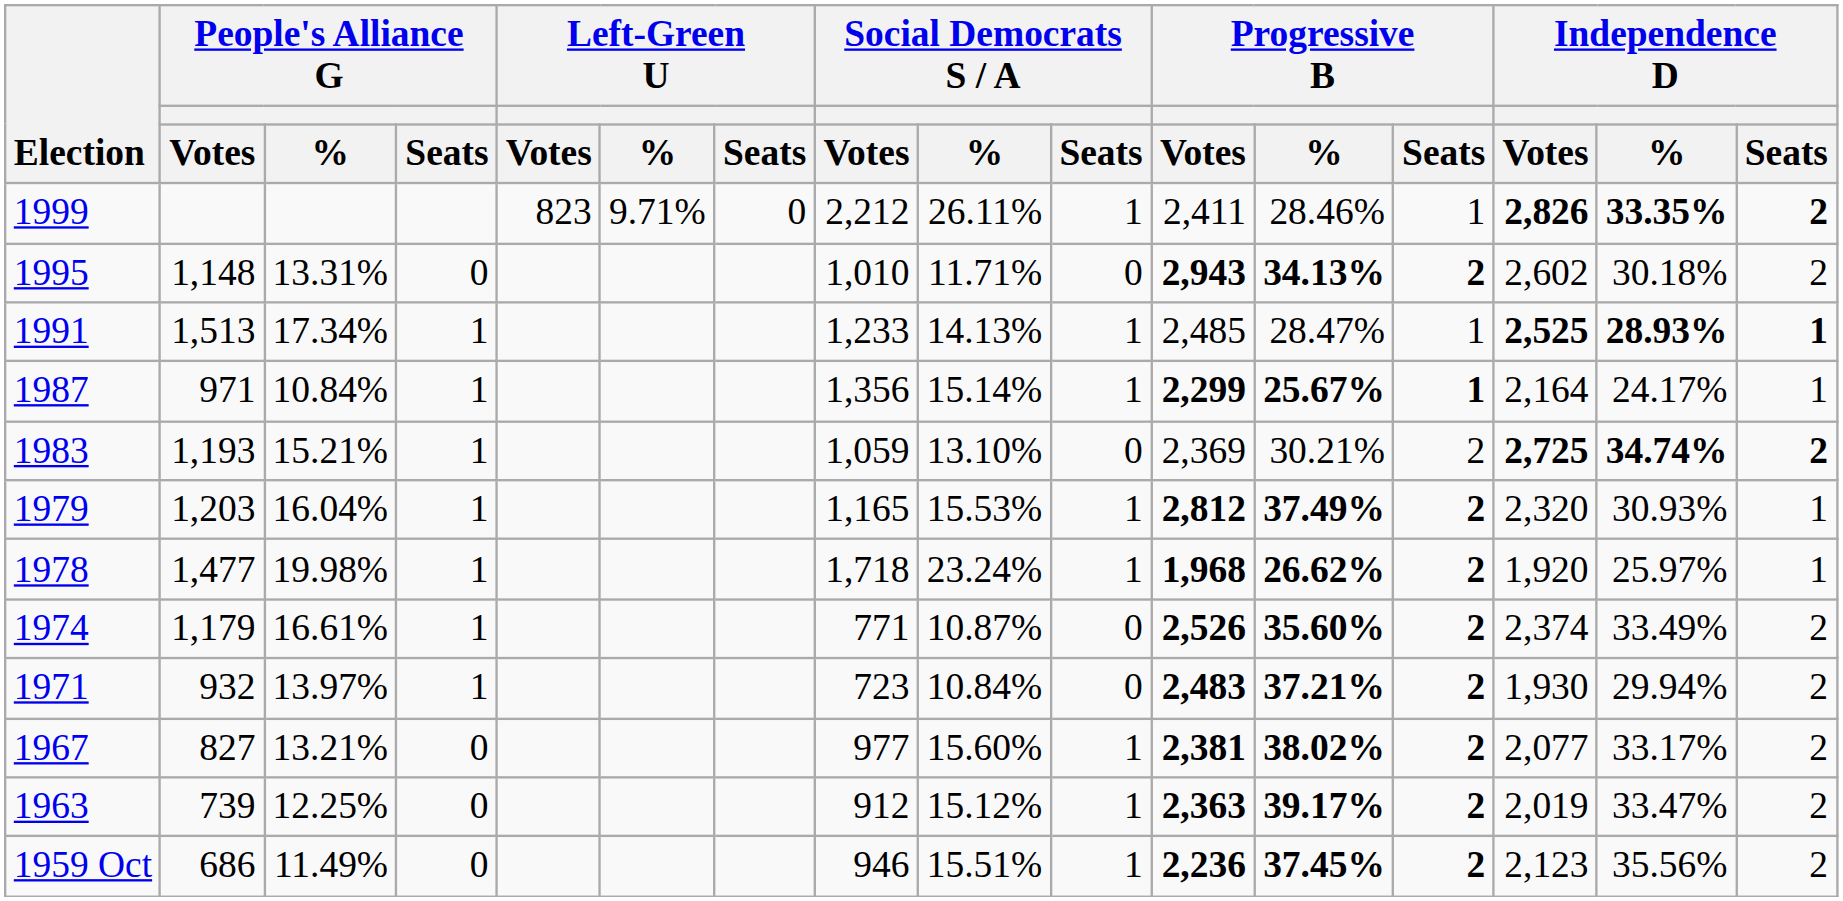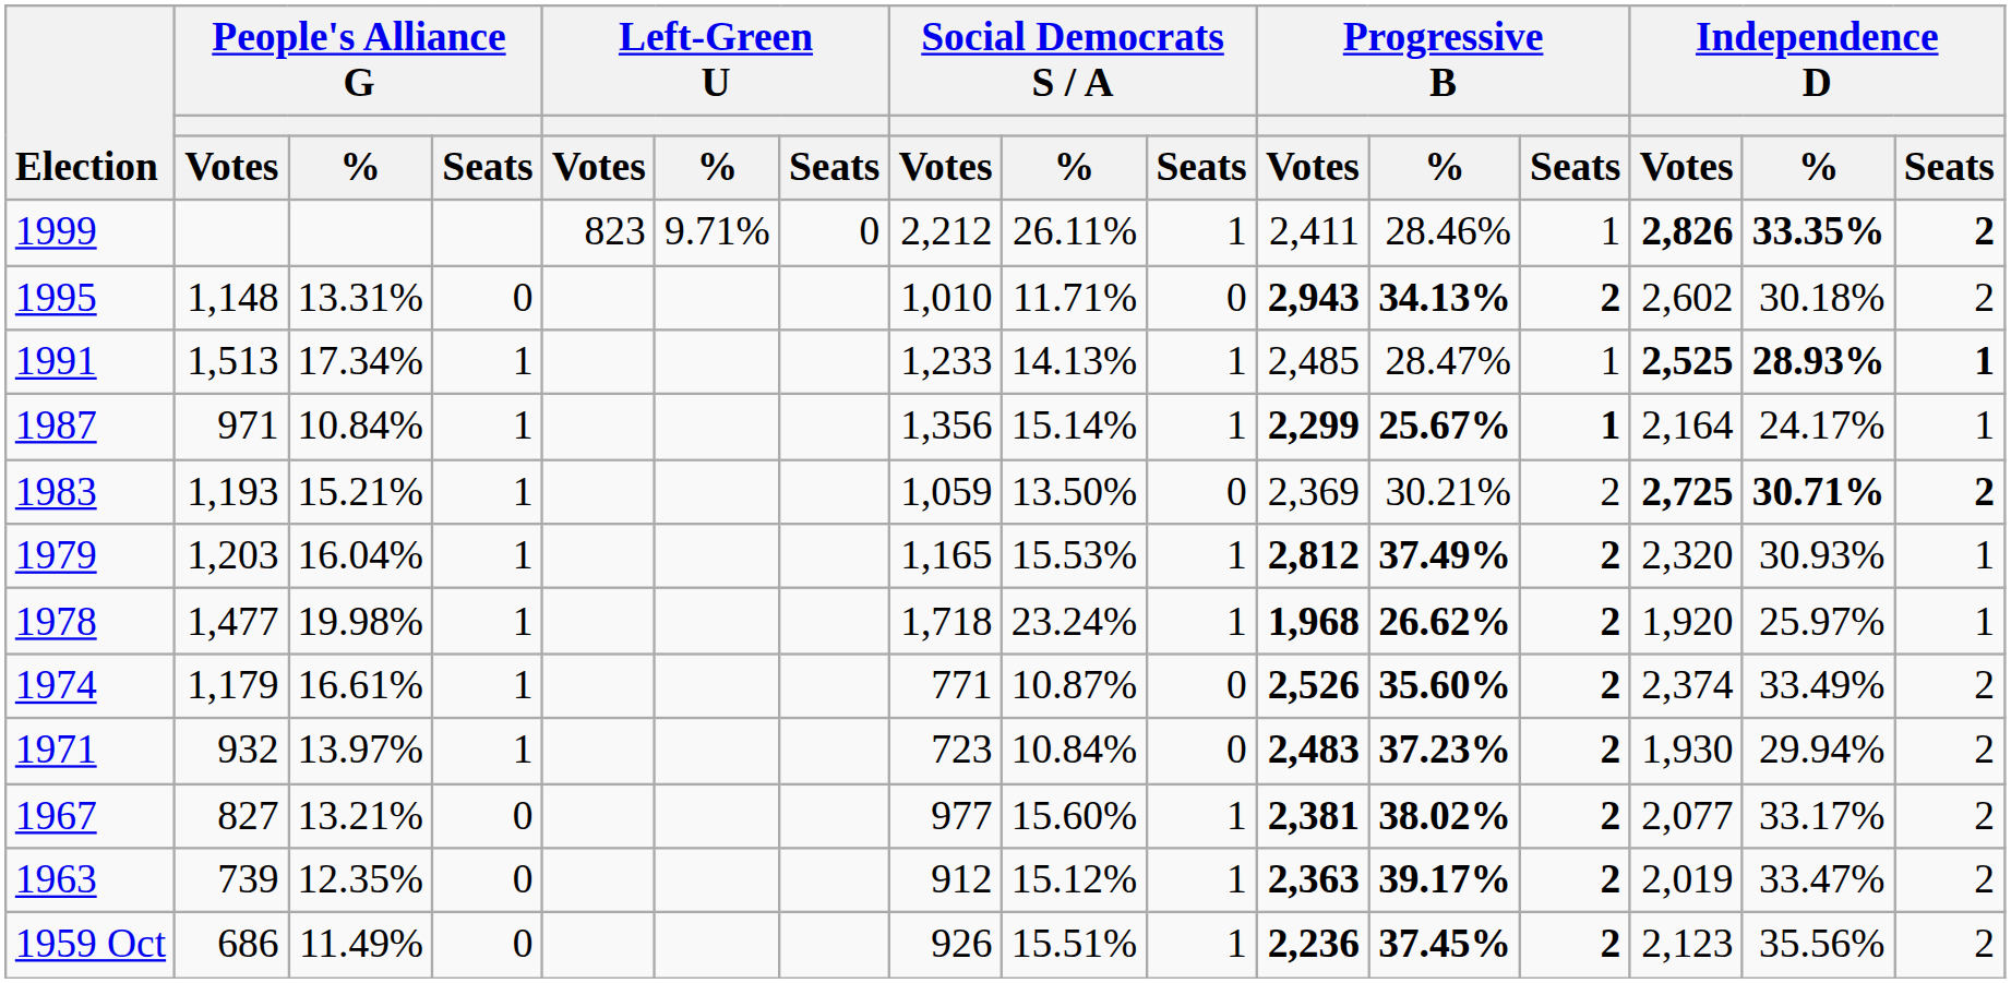 <table class="wikitable" border="1" style="font-size:100%; text-align:right;">
 <tr>
 <th style="text-align:left;" valign=bottom rowspan=3>Election</th>
 <th valign=bottom colspan=3><a href='#'>People's Alliance</a><br>G</th>
 <th valign=bottom colspan=3><a href='#'>Left-Green</a><br>U</th>
 <th valign=bottom colspan=3><a href='#'>Social Democrats</a><br>S / A</th>
 <th valign=bottom colspan=3><a href='#'>Progressive</a><br>B</th>
 <th valign=bottom colspan=3><a href='#'>Independence</a><br>D</th>
 </tr>
 <tr>
 <th colspan=3 style="background:"></th>
 <th colspan=3 style="background:"></th>
 <th colspan=3 style="background:"></th>
 <th colspan=3 style="background:"></th>
 <th colspan=3 style="background:"></th>
 </tr>
 <tr>
 <th>Votes</th>
 <th>%</th>
 <th>Seats</th>
 <th>Votes</th>
 <th>%</th>
 <th>Seats</th>
 <th>Votes</th>
 <th>%</th>
 <th>Seats</th>
 <th>Votes</th>
 <th>%</th>
 <th>Seats</th>
 <th>Votes</th>
 <th>%</th>
 <th>Seats</th>
 </tr>
 <tr>
 <td align=left><a href='#'>1999</a></td>
 <td></td>
 <td></td>
 <td></td>
 <td>823</td>
 <td>9.71%</td>
 <td>0</td>
 <td>2,212</td>
 <td>26.11%</td>
 <td>1</td>
 <td>2,411</td>
 <td>28.46%</td>
 <td>1</td>
 <td><strong>2,826</strong></td>
 <td><strong>33.35%</strong></td>
 <td><strong>2</strong></td>
 </tr>
 <tr>
 <td align=left><a href='#'>1995</a></td>
 <td>1,148</td>
 <td>13.31%</td>
 <td>0</td>
 <td></td>
 <td></td>
 <td></td>
 <td>1,010</td>
 <td>11.71%</td>
 <td>0</td>
 <td><strong>2,943</strong></td>
 <td><strong>34.13%</strong></td>
 <td><strong>2</strong></td>
 <td>2,602</td>
 <td>30.18%</td>
 <td>2</td>
 </tr>
 <tr>
 <td align=left><a href='#'>1991</a></td>
 <td>1,513</td>
 <td>17.34%</td>
 <td>1</td>
 <td></td>
 <td></td>
 <td></td>
 <td>1,233</td>
 <td>14.13%</td>
 <td>1</td>
 <td>2,485</td>
 <td>28.47%</td>
 <td>1</td>
 <td><strong>2,525</strong></td>
 <td><strong>28.93%</strong></td>
 <td><strong>1</strong></td>
 </tr>
 <tr>
 <td align=left><a href='#'>1987</a></td>
 <td>971</td>
 <td>10.84%</td>
 <td>1</td>
 <td></td>
 <td></td>
 <td></td>
 <td>1,356</td>
 <td>15.14%</td>
 <td>1</td>
 <td><strong>2,299</strong></td>
 <td><strong>25.67%</strong></td>
 <td><strong>1</strong></td>
 <td>2,164</td>
 <td>24.17%</td>
 <td>1</td>
 </tr>
 <tr>
 <td align=left><a href='#'>1983</a></td>
 <td>1,193</td>
 <td>15.21%</td>
 <td>1</td>
 <td></td>
 <td></td>
 <td></td>
 <td>1,059</td>
-<td>13.10%</td>
+<td>13.50%</td>
 <td>0</td>
 <td>2,369</td>
 <td>30.21%</td>
 <td>2</td>
 <td><strong>2,725</strong></td>
-<td><strong>34.74%</strong></td>
+<td><strong>30.71%</strong></td>
 <td><strong>2</strong></td>
 </tr>
 <tr>
 <td align=left><a href='#'>1979</a></td>
 <td>1,203</td>
 <td>16.04%</td>
 <td>1</td>
 <td></td>
 <td></td>
 <td></td>
 <td>1,165</td>
 <td>15.53%</td>
 <td>1</td>
 <td><strong>2,812</strong></td>
 <td><strong>37.49%</strong></td>
 <td><strong>2</strong></td>
 <td>2,320</td>
 <td>30.93%</td>
 <td>1</td>
 </tr>
 <tr>
 <td align=left><a href='#'>1978</a></td>
 <td>1,477</td>
 <td>19.98%</td>
 <td>1</td>
 <td></td>
 <td></td>
 <td></td>
 <td>1,718</td>
 <td>23.24%</td>
 <td>1</td>
 <td><strong>1,968</strong></td>
 <td><strong>26.62%</strong></td>
 <td><strong>2</strong></td>
 <td>1,920</td>
 <td>25.97%</td>
 <td>1</td>
 </tr>
 <tr>
 <td align=left><a href='#'>1974</a></td>
 <td>1,179</td>
 <td>16.61%</td>
 <td>1</td>
 <td></td>
 <td></td>
 <td></td>
 <td>771</td>
 <td>10.87%</td>
 <td>0</td>
 <td><strong>2,526</strong></td>
 <td><strong>35.60%</strong></td>
 <td><strong>2</strong></td>
 <td>2,374</td>
 <td>33.49%</td>
 <td>2</td>
 </tr>
 <tr>
 <td align=left><a href='#'>1971</a></td>
 <td>932</td>
 <td>13.97%</td>
 <td>1</td>
 <td></td>
 <td></td>
 <td></td>
 <td>723</td>
 <td>10.84%</td>
 <td>0</td>
 <td><strong>2,483</strong></td>
-<td><strong>37.21%</strong></td>
+<td><strong>37.23%</strong></td>
 <td><strong>2</strong></td>
 <td>1,930</td>
 <td>29.94%</td>
 <td>2</td>
 </tr>
 <tr>
 <td align=left><a href='#'>1967</a></td>
 <td>827</td>
 <td>13.21%</td>
 <td>0</td>
 <td></td>
 <td></td>
 <td></td>
 <td>977</td>
 <td>15.60%</td>
 <td>1</td>
 <td><strong>2,381</strong></td>
 <td><strong>38.02%</strong></td>
 <td><strong>2</strong></td>
 <td>2,077</td>
 <td>33.17%</td>
 <td>2</td>
 </tr>
 <tr>
 <td align=left><a href='#'>1963</a></td>
 <td>739</td>
-<td>12.25%</td>
+<td>12.35%</td>
 <td>0</td>
 <td></td>
 <td></td>
 <td></td>
 <td>912</td>
 <td>15.12%</td>
 <td>1</td>
 <td><strong>2,363</strong></td>
 <td><strong>39.17%</strong></td>
 <td><strong>2</strong></td>
 <td>2,019</td>
 <td>33.47%</td>
 <td>2</td>
 </tr>
 <tr>
 <td align=left><a href='#'>1959 Oct</a></td>
 <td>686</td>
 <td>11.49%</td>
 <td>0</td>
 <td></td>
 <td></td>
 <td></td>
-<td>946</td>
+<td>926</td>
 <td>15.51%</td>
 <td>1</td>
 <td><strong>2,236</strong></td>
 <td><strong>37.45%</strong></td>
 <td><strong>2</strong></td>
 <td>2,123</td>
 <td>35.56%</td>
 <td>2</td>
 </tr>
 </table>
